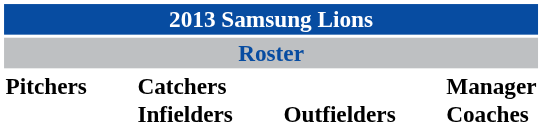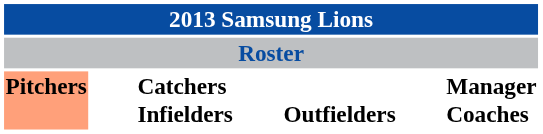 <table class="toccolours" style="font-size:95%;">
 <tr>
 <th colspan="10" style="background:#074CA1; color:#FFFFFF; text-align:center;">2013 Samsung Lions</th>
 </tr>
 <tr>
 <th colspan="10" style="background:#BEC0C2; color:#074CA1; text-align:center;">Roster</th>
 </tr>
 <tr>
-<td valign="top"><strong>Pitchers</strong><br>       </td>
+<td valign="top" style="background: lightsalmon;"><strong>Pitchers</strong><br>       </td>
 <td style="width:25px;"></td>
 <td valign="top"><strong>Catchers</strong><br>  <strong>Infielders</strong>   </td>
 <td style="width:25px;"></td>
 <td valign="top"><br><strong>Outfielders</strong>    </td>
 <td style="width:25px;"></td>
 <td valign="top"><strong>Manager</strong><br> <strong>Coaches</strong></td>
 </tr>
 </table>
